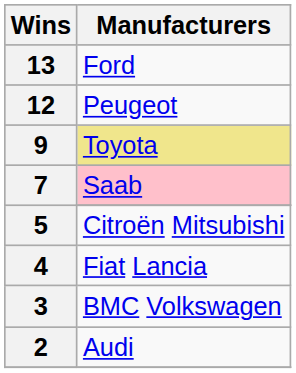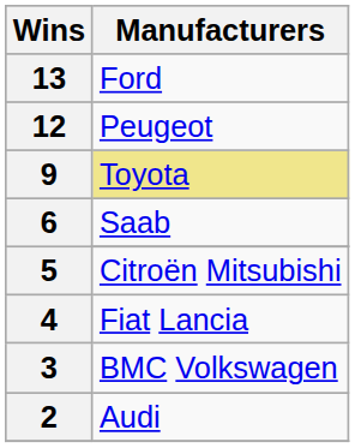 <table class="wikitable" style="font-size: 95%;">
 <tr>
 <th>Wins</th>
 <th>Manufacturers</th>
 </tr>
 <tr>
 <th>13</th>
 <td> <a href='#'>Ford</a></td>
 </tr>
 <tr>
 <th>12</th>
 <td> <a href='#'>Peugeot</a></td>
 </tr>
 <tr>
 <th>9</th>
 <td style="background: khaki;"> <a href='#'>Toyota</a></td>
 </tr>
 <tr>
-<th>7</th>
-<td style="background: pink;"> <a href='#'>Saab</a></td>
+<th>6</th>
+<td> <a href='#'>Saab</a></td>
 </tr>
 <tr>
 <th rowspan="2">5</th>
 </tr>
 <tr>
 <td> <a href='#'>Citroën</a>  <a href='#'>Mitsubishi</a></td>
 </tr>
 <tr>
 <th rowspan="1">4</th>
 <td> <a href='#'>Fiat</a> <a href='#'>Lancia</a></td>
 </tr>
 <tr>
 <th rowspan="1">3</th>
 <td> <a href='#'>BMC</a>  <a href='#'>Volkswagen</a></td>
 </tr>
 <tr>
 <th>2</th>
 <td> <a href='#'>Audi</a></td>
 </tr>
 <tr>
 </tr>
 </table>
